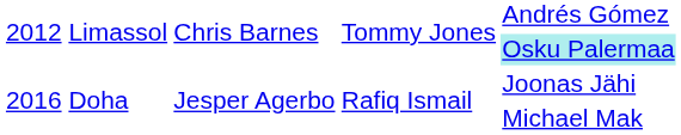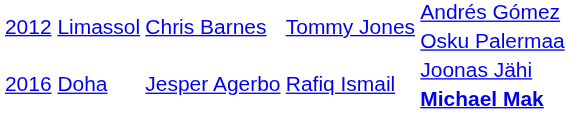 <table>
 <tr>
 <td rowspan=2><a href='#'>2012</a> <a href='#'>Limassol</a></td>
 <td rowspan=2> <a href='#'>Chris Barnes</a></td>
 <td rowspan=2> <a href='#'>Tommy Jones</a></td>
 <td> <a href='#'>Andrés Gómez</a></td>
 </tr>
 <tr>
-<td style="background: paleturquoise;"> <a href='#'>Osku Palermaa</a></td>
+<td> <a href='#'>Osku Palermaa</a></td>
 </tr>
 <tr>
 <td rowspan=2><a href='#'>2016</a> <a href='#'>Doha</a></td>
 <td rowspan=2> <a href='#'>Jesper Agerbo</a></td>
 <td rowspan=2> <a href='#'>Rafiq Ismail</a></td>
 <td> <a href='#'>Joonas Jähi</a></td>
 </tr>
 <tr>
-<td> <a href='#'>Michael Mak</a></td>
+<td><strong> <a href='#'>Michael Mak</a></strong></td>
 </tr>
 </table>
